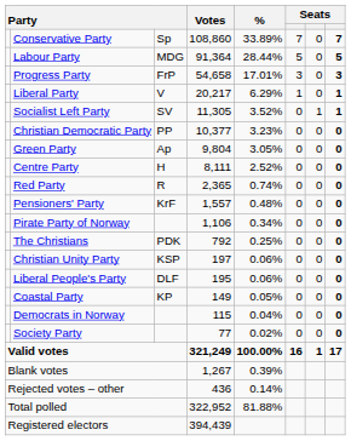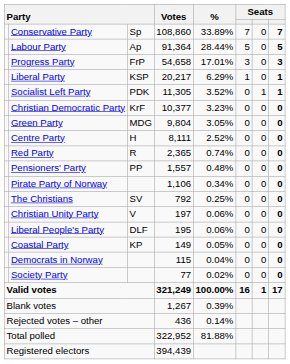 <table class="wikitable" border="1" style="text-align:right;">
 <tr>
 <th style="text-align:left;" valign=bottom rowspan=2 colspan=3>Party</th>
 <th align=center valign=bottom rowspan=2 width="50">Votes</th>
 <th align=center valign=bottom rowspan=2 width="50">%</th>
 <th colspan=3>Seats</th>
 </tr>
 <tr>
 <th align=center valign=bottom width="20"><small></small></th>
 <th align=center valign=bottom width="20"><small><a href='#'></a></small></th>
 <th align=center valign=bottom width="20"><small></small></th>
 </tr>
 <tr>
 <td style="color:inherit;background:"></td>
 <td align=left><a href='#'>Conservative Party</a></td>
 <td align=left>Sp</td>
 <td>108,860</td>
 <td>33.89%</td>
 <td>7</td>
 <td>0</td>
 <td><strong>7</strong></td>
 </tr>
 <tr>
 <td style="color:inherit;background:"></td>
 <td align=left><a href='#'>Labour Party</a></td>
-<td align=left>MDG</td>
+<td align=left>Ap</td>
 <td>91,364</td>
 <td>28.44%</td>
 <td>5</td>
 <td>0</td>
 <td><strong>5</strong></td>
 </tr>
 <tr>
 <td style="color:inherit;background:"></td>
 <td align=left><a href='#'>Progress Party</a></td>
 <td align=left>FrP</td>
 <td>54,658</td>
 <td>17.01%</td>
 <td>3</td>
 <td>0</td>
 <td><strong>3</strong></td>
 </tr>
 <tr>
 <td style="color:inherit;background:"></td>
 <td align=left><a href='#'>Liberal Party</a></td>
-<td align=left>V</td>
+<td align=left>KSP</td>
 <td>20,217</td>
 <td>6.29%</td>
 <td>1</td>
 <td>0</td>
 <td><strong>1</strong></td>
 </tr>
 <tr>
 <td style="color:inherit;background:"></td>
 <td align=left><a href='#'>Socialist Left Party</a></td>
-<td align=left>SV</td>
+<td align=left>PDK</td>
 <td>11,305</td>
 <td>3.52%</td>
 <td>0</td>
 <td>1</td>
 <td><strong>1</strong></td>
 </tr>
 <tr>
 <td style="color:inherit;background:"></td>
 <td align=left><a href='#'>Christian Democratic Party</a></td>
-<td align=left>PP</td>
+<td align=left>KrF</td>
 <td>10,377</td>
 <td>3.23%</td>
 <td>0</td>
 <td>0</td>
 <td><strong>0</strong></td>
 </tr>
 <tr>
 <td style="color:inherit;background:"></td>
 <td align=left><a href='#'>Green Party</a></td>
-<td align=left>Ap</td>
+<td align=left>MDG</td>
 <td>9,804</td>
 <td>3.05%</td>
 <td>0</td>
 <td>0</td>
 <td><strong>0</strong></td>
 </tr>
 <tr>
 <td style="color:inherit;background:"></td>
 <td align=left><a href='#'>Centre Party</a></td>
 <td align=left>H</td>
 <td>8,111</td>
 <td>2.52%</td>
 <td>0</td>
 <td>0</td>
 <td><strong>0</strong></td>
 </tr>
 <tr>
 <td style="color:inherit;background:"></td>
 <td align=left><a href='#'>Red Party</a></td>
 <td align=left>R</td>
 <td>2,365</td>
 <td>0.74%</td>
 <td>0</td>
 <td>0</td>
 <td><strong>0</strong></td>
 </tr>
 <tr>
 <td style="color:inherit;background:"></td>
 <td align=left><a href='#'>Pensioners' Party</a></td>
-<td align=left>KrF</td>
+<td align=left>PP</td>
 <td>1,557</td>
 <td>0.48%</td>
 <td>0</td>
 <td>0</td>
 <td><strong>0</strong></td>
 </tr>
 <tr>
 <td style="color:inherit;background:"></td>
 <td align=left><a href='#'>Pirate Party of Norway</a></td>
 <td align=left></td>
 <td>1,106</td>
 <td>0.34%</td>
 <td>0</td>
 <td>0</td>
 <td><strong>0</strong></td>
 </tr>
 <tr>
 <td style="color:inherit;background:"></td>
 <td align=left><a href='#'>The Christians</a></td>
-<td align=left>PDK</td>
+<td align=left>SV</td>
 <td>792</td>
 <td>0.25%</td>
 <td>0</td>
 <td>0</td>
 <td><strong>0</strong></td>
 </tr>
 <tr>
 <td style="color:inherit;background:"></td>
 <td align=left><a href='#'>Christian Unity Party</a></td>
-<td align=left>KSP</td>
+<td align=left>V</td>
 <td>197</td>
 <td>0.06%</td>
 <td>0</td>
 <td>0</td>
 <td><strong>0</strong></td>
 </tr>
 <tr>
 <td style="color:inherit;background:"></td>
 <td align=left><a href='#'>Liberal People's Party</a></td>
 <td align=left>DLF</td>
 <td>195</td>
 <td>0.06%</td>
 <td>0</td>
 <td>0</td>
 <td><strong>0</strong></td>
 </tr>
 <tr>
 <td style="color:inherit;background:"></td>
 <td align=left><a href='#'>Coastal Party</a></td>
 <td align=left>KP</td>
 <td>149</td>
 <td>0.05%</td>
 <td>0</td>
 <td>0</td>
 <td><strong>0</strong></td>
 </tr>
 <tr>
 <td style="color:inherit;background:"></td>
 <td align=left><a href='#'>Democrats in Norway</a></td>
 <td align=left></td>
 <td>115</td>
 <td>0.04%</td>
 <td>0</td>
 <td>0</td>
 <td><strong>0</strong></td>
 </tr>
 <tr>
 <td style="color:inherit;background:"></td>
 <td align=left><a href='#'>Society Party</a></td>
 <td align=left></td>
 <td>77</td>
 <td>0.02%</td>
 <td>0</td>
 <td>0</td>
 <td><strong>0</strong></td>
 </tr>
 <tr style="font-weight:bold">
 <td align=left colspan=3>Valid votes</td>
 <td>321,249</td>
 <td>100.00%</td>
 <td>16</td>
 <td>1</td>
 <td>17</td>
 </tr>
 <tr>
 <td align=left colspan=3>Blank votes</td>
 <td>1,267</td>
 <td>0.39%</td>
 <td></td>
 <td></td>
 <td></td>
 </tr>
 <tr>
 <td align=left colspan=3>Rejected votes – other</td>
 <td>436</td>
 <td>0.14%</td>
 <td></td>
 <td></td>
 <td></td>
 </tr>
 <tr>
 <td align=left colspan=3>Total polled</td>
 <td>322,952</td>
 <td>81.88%</td>
 <td></td>
 <td></td>
 <td></td>
 </tr>
 <tr>
 <td align=left colspan=3>Registered electors</td>
 <td>394,439</td>
 <td></td>
 <td></td>
 <td></td>
 <td></td>
 </tr>
 </table>
